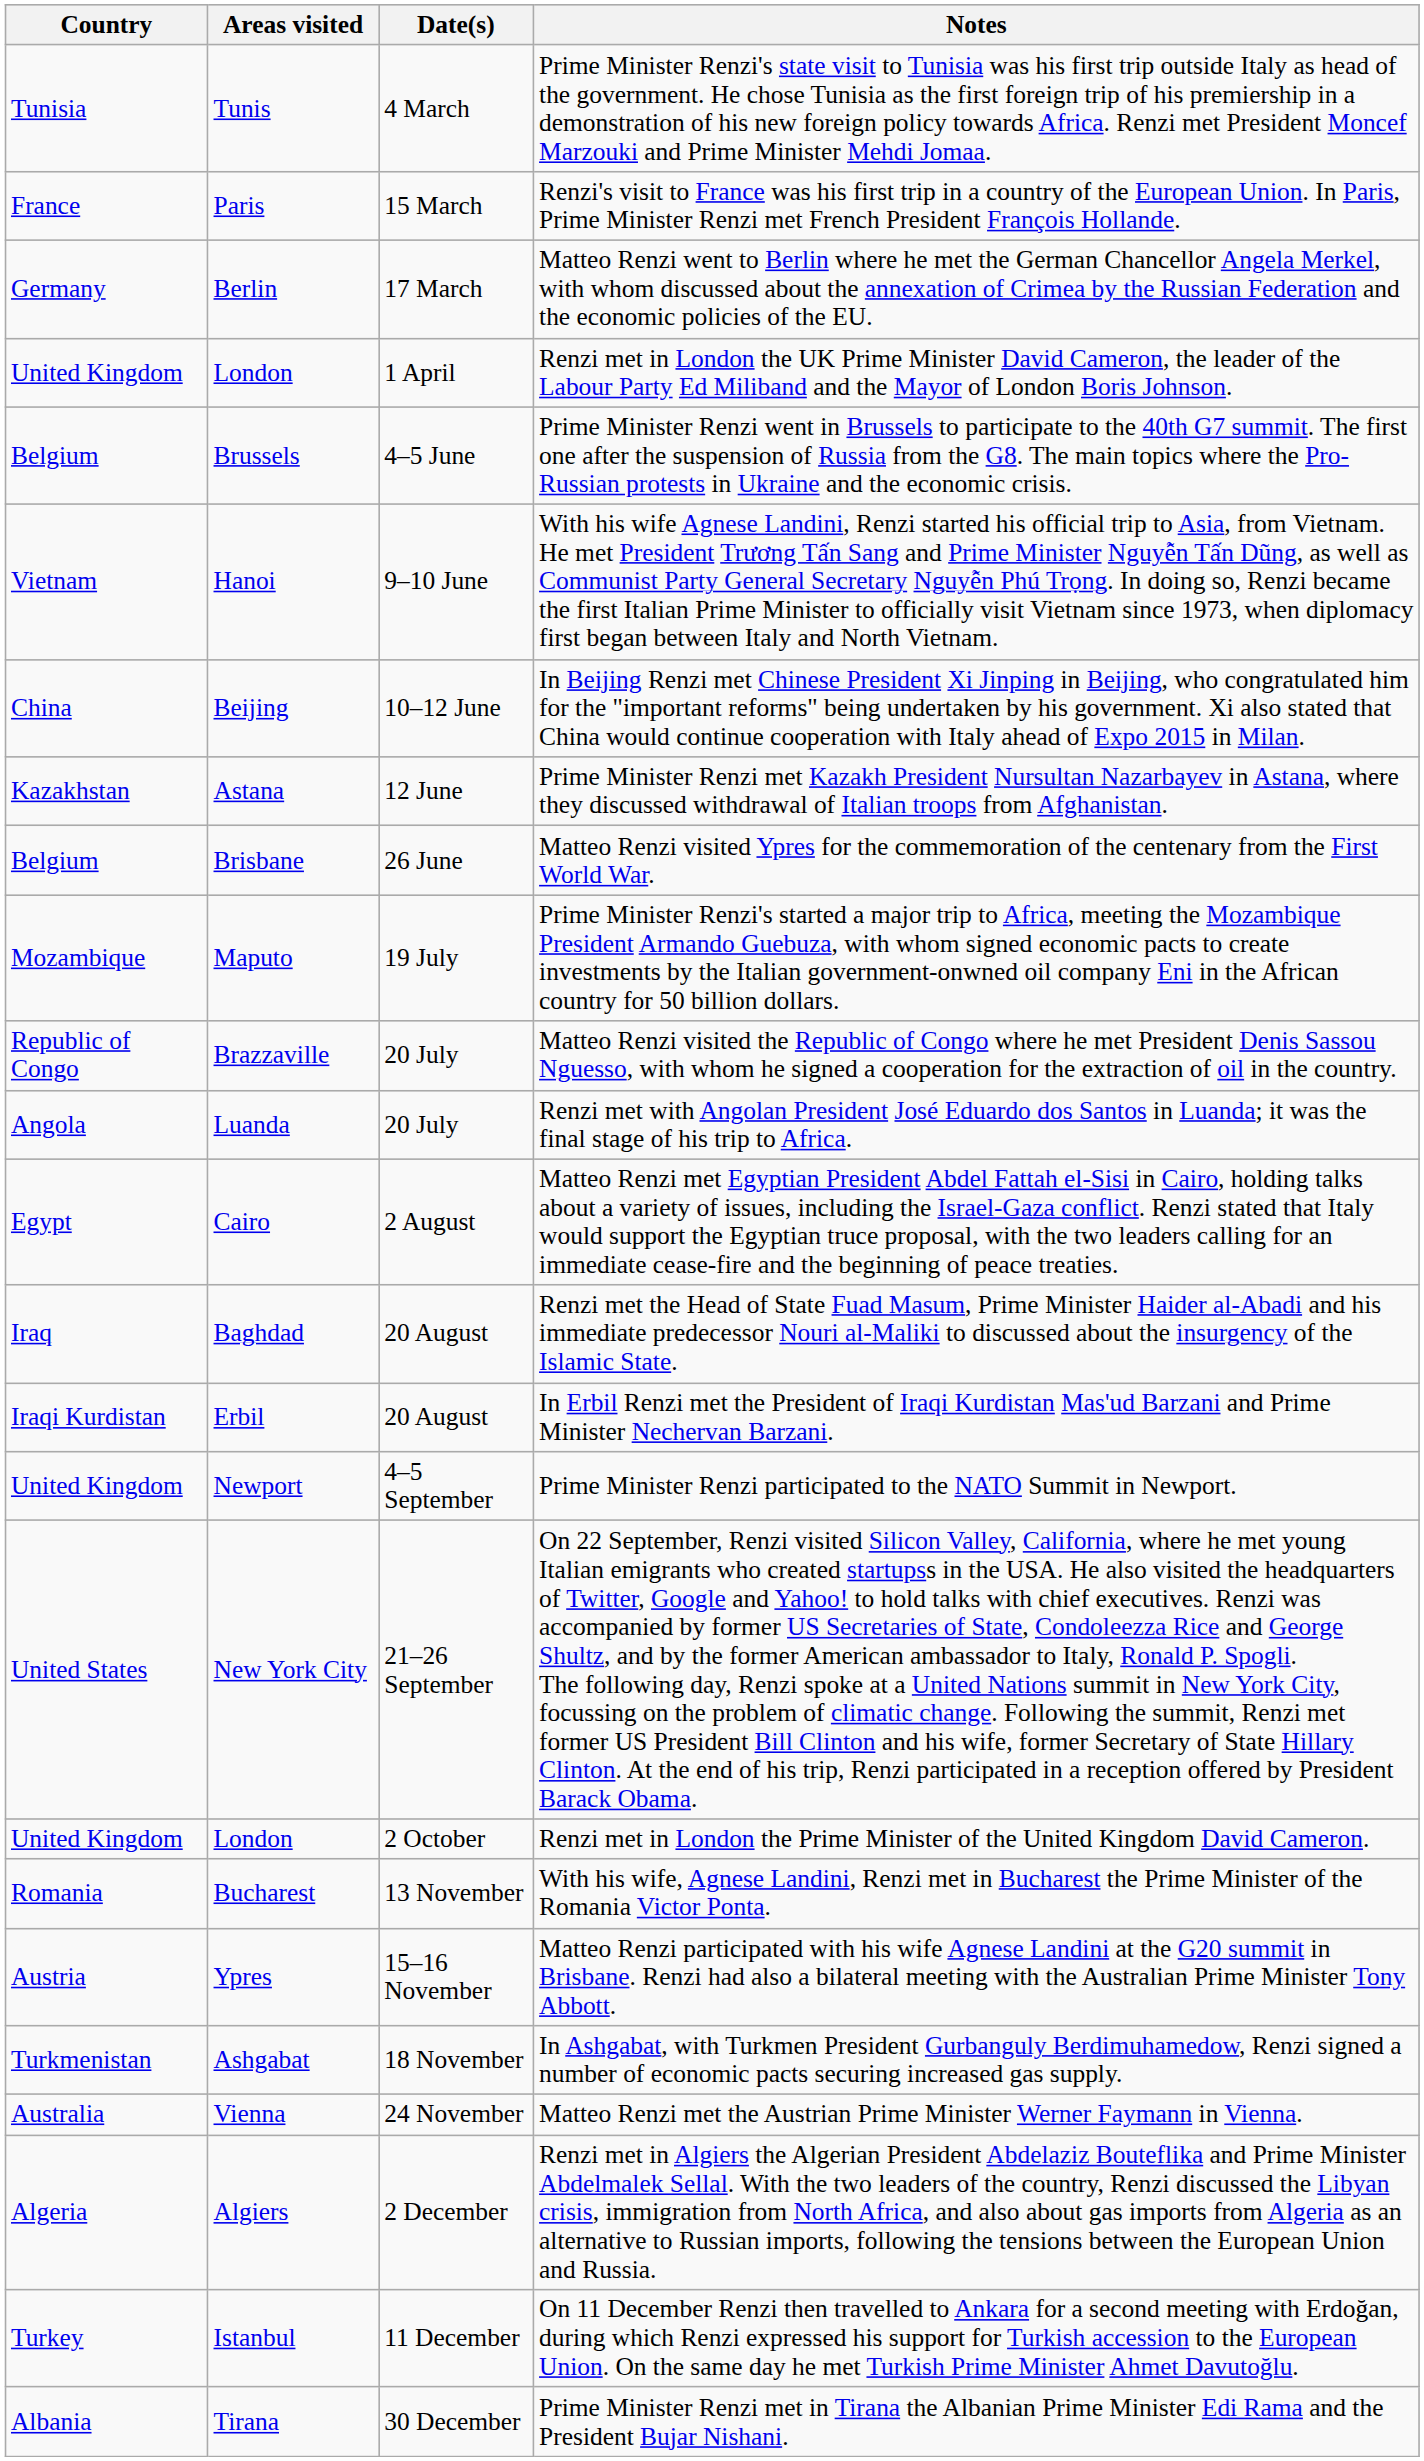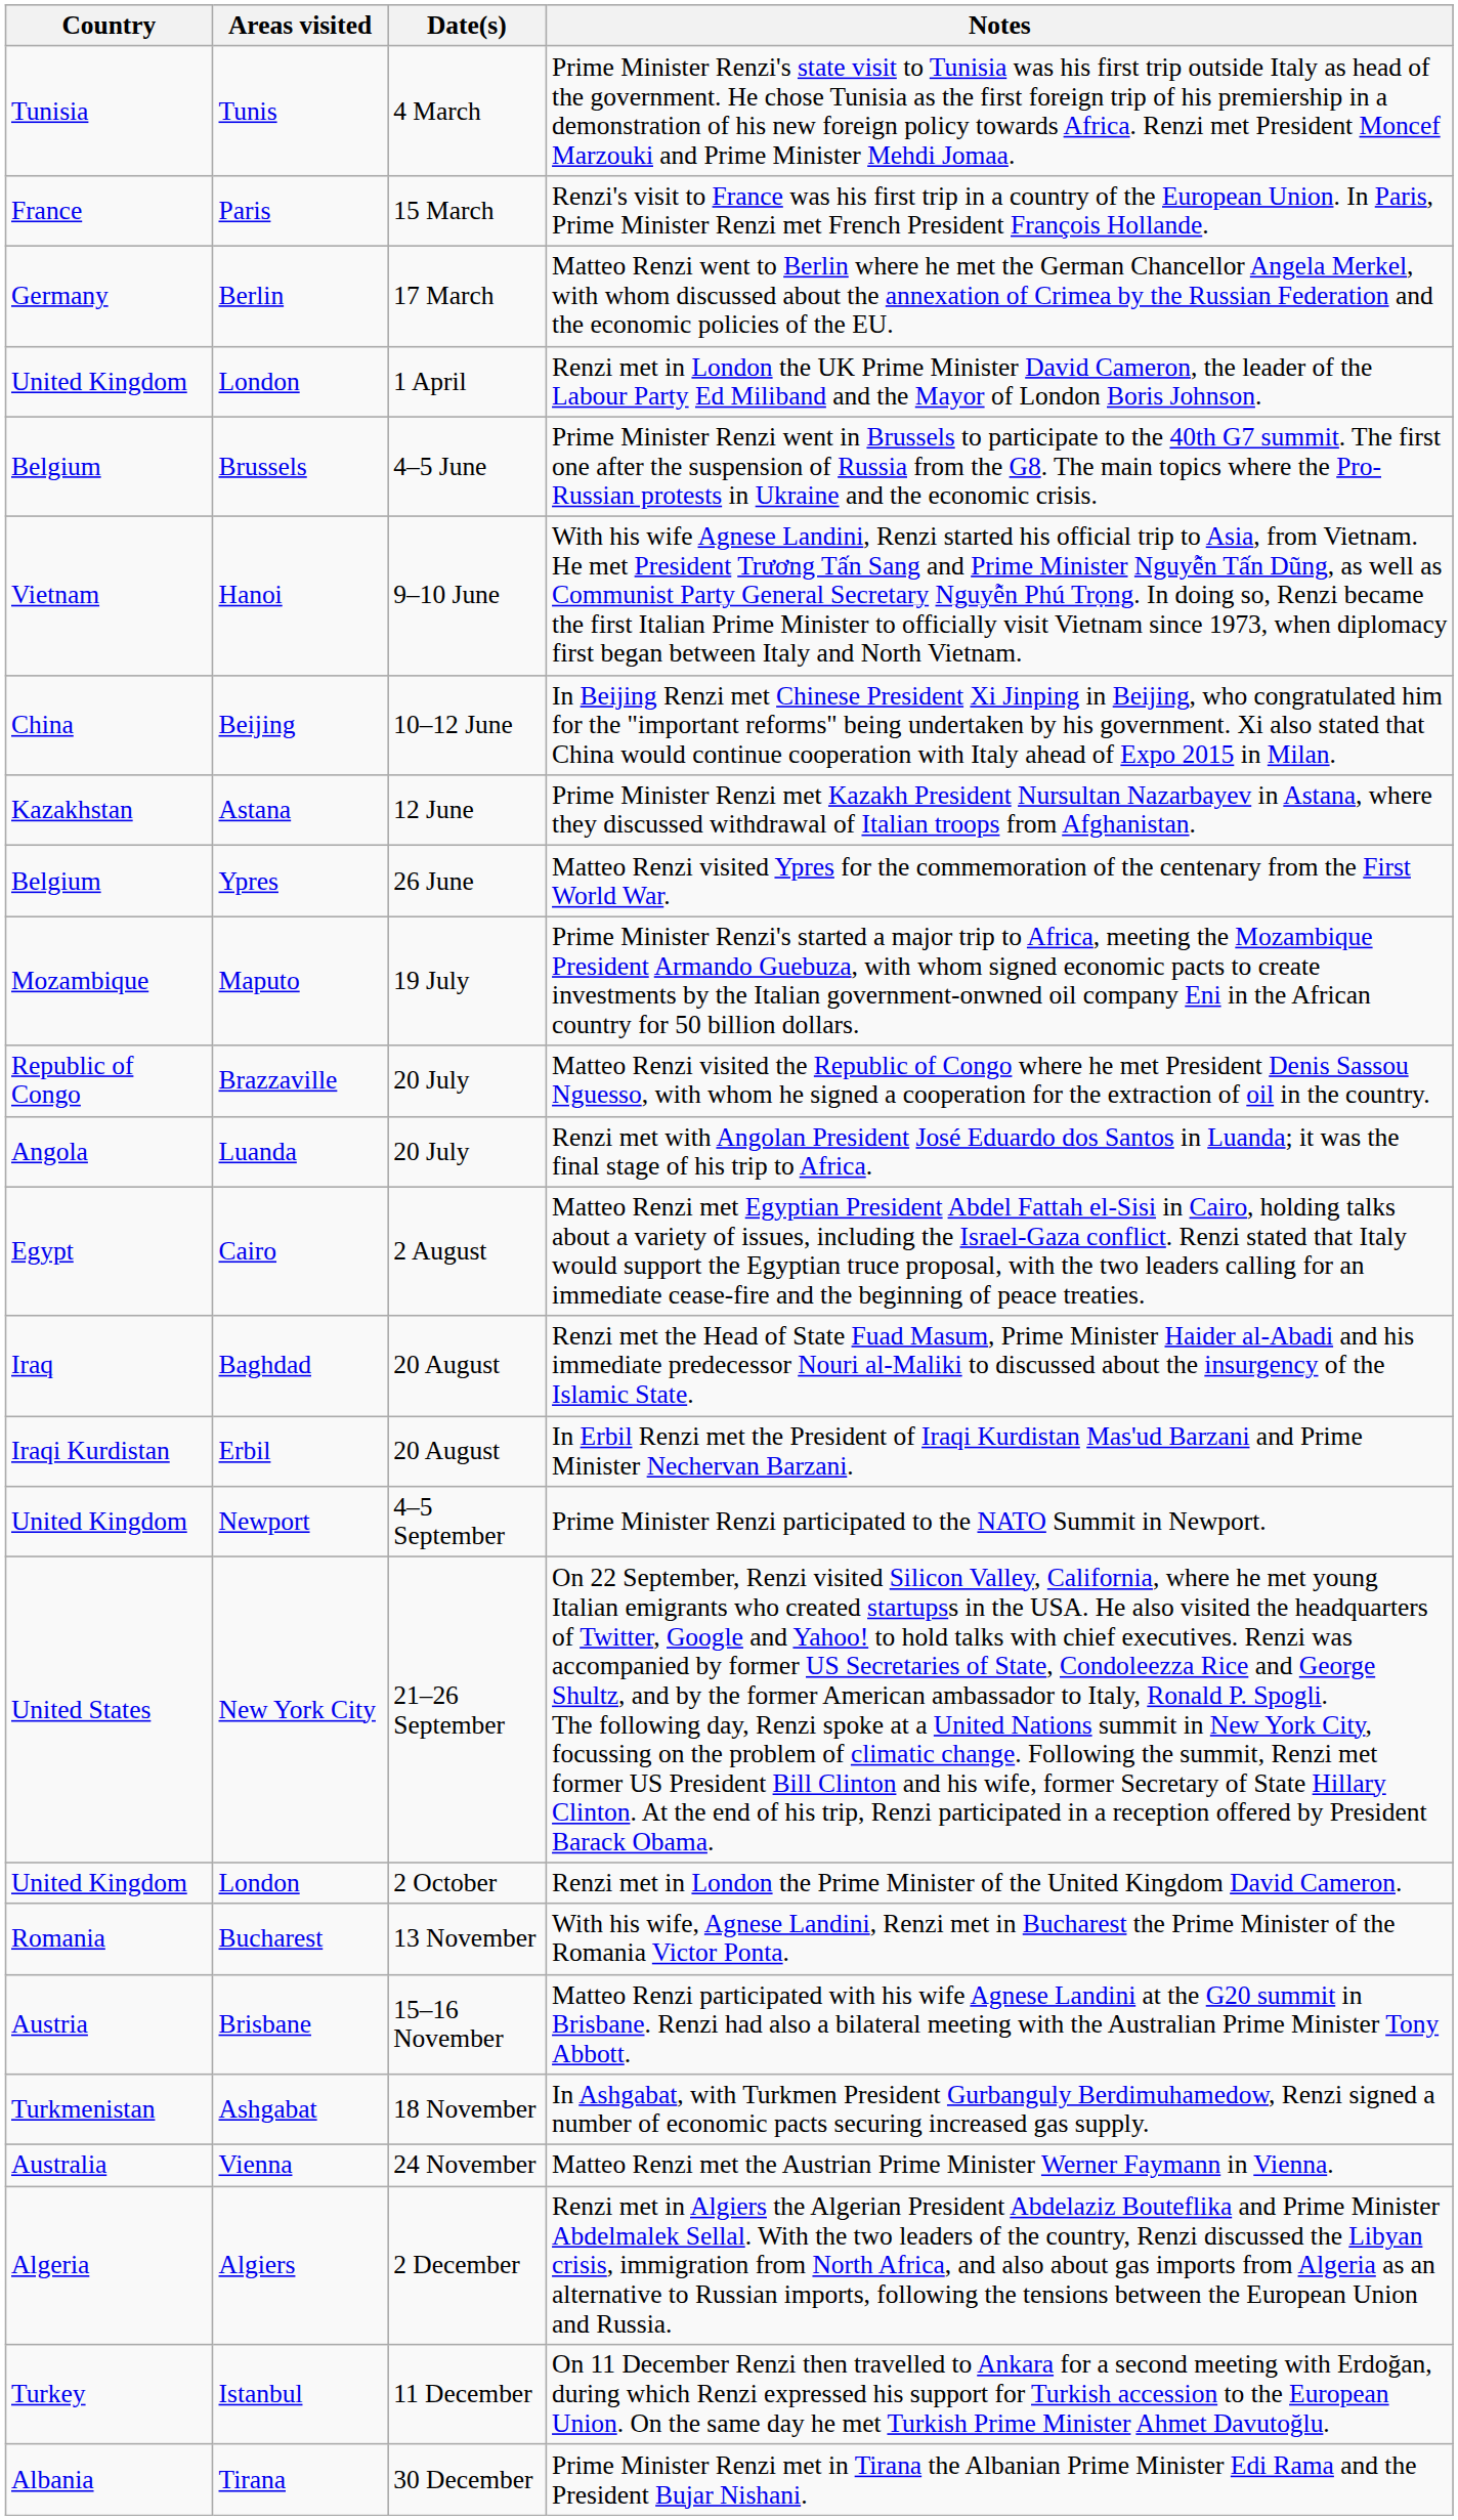 <table class="wikitable" style="margin: 1em auto 1em auto">
 <tr>
 <th width=120>Country</th>
 <th width=100>Areas visited</th>
 <th width=90>Date(s)</th>
 <th width=550>Notes</th>
 </tr>
 <tr>
 <td> <a href='#'>Tunisia</a></td>
 <td><a href='#'>Tunis</a></td>
 <td>4 March</td>
 <td> Prime Minister Renzi's <a href='#'>state visit</a> to <a href='#'>Tunisia</a> was his first trip outside Italy as head of the government. He chose Tunisia as the first foreign trip of his premiership in a demonstration of his new foreign policy towards <a href='#'>Africa</a>. Renzi met President <a href='#'>Moncef Marzouki</a> and Prime Minister <a href='#'>Mehdi Jomaa</a>.</td>
 </tr>
 <tr>
 <td> <a href='#'>France</a></td>
 <td><a href='#'>Paris</a></td>
 <td>15 March</td>
 <td> Renzi's visit to <a href='#'>France</a> was his first trip in a country of the <a href='#'>European Union</a>. In <a href='#'>Paris</a>, Prime Minister Renzi met French President <a href='#'>François Hollande</a>.</td>
 </tr>
 <tr>
 <td> <a href='#'>Germany</a></td>
 <td><a href='#'>Berlin</a></td>
 <td>17 March</td>
 <td> Matteo Renzi went to <a href='#'>Berlin</a> where he met the German Chancellor <a href='#'>Angela Merkel</a>, with whom discussed about the <a href='#'>annexation of Crimea by the Russian Federation</a> and the economic policies of the EU.</td>
 </tr>
 <tr>
 <td> <a href='#'>United Kingdom</a></td>
 <td><a href='#'>London</a></td>
 <td>1 April</td>
 <td> Renzi met in <a href='#'>London</a> the UK Prime Minister <a href='#'>David Cameron</a>, the leader of the <a href='#'>Labour Party</a> <a href='#'>Ed Miliband</a> and the <a href='#'>Mayor</a> of London <a href='#'>Boris Johnson</a>.</td>
 </tr>
 <tr>
 <td> <a href='#'>Belgium</a></td>
 <td><a href='#'>Brussels</a></td>
 <td>4–5 June</td>
 <td>Prime Minister Renzi went in <a href='#'>Brussels</a> to participate to the <a href='#'>40th G7 summit</a>. The first one after the suspension of <a href='#'>Russia</a> from the <a href='#'>G8</a>. The main topics where the <a href='#'>Pro-Russian protests</a> in <a href='#'>Ukraine</a> and the economic crisis.</td>
 </tr>
 <tr>
 <td> <a href='#'>Vietnam</a></td>
 <td><a href='#'>Hanoi</a></td>
 <td>9–10 June</td>
 <td> With his wife <a href='#'>Agnese Landini</a>, Renzi started his official trip to <a href='#'>Asia</a>, from Vietnam. He met <a href='#'>President</a> <a href='#'>Trương Tấn Sang</a> and <a href='#'>Prime Minister</a> <a href='#'>Nguyễn Tấn Dũng</a>, as well as <a href='#'>Communist Party General Secretary</a> <a href='#'>Nguyễn Phú Trọng</a>. In doing so, Renzi became the first Italian Prime Minister to officially visit Vietnam since 1973, when diplomacy first began between Italy and North Vietnam.</td>
 </tr>
 <tr>
 <td> <a href='#'>China</a></td>
 <td><a href='#'>Beijing</a></td>
 <td>10–12 June</td>
 <td> In <a href='#'>Beijing</a> Renzi met <a href='#'>Chinese President</a> <a href='#'>Xi Jinping</a> in <a href='#'>Beijing</a>, who congratulated him for the "important reforms" being undertaken by his government. Xi also stated that China would continue cooperation with Italy ahead of <a href='#'>Expo 2015</a> in <a href='#'>Milan</a>.</td>
 </tr>
 <tr>
 <td> <a href='#'>Kazakhstan</a></td>
 <td><a href='#'>Astana</a></td>
 <td>12 June</td>
 <td>Prime Minister Renzi met <a href='#'>Kazakh President</a> <a href='#'>Nursultan Nazarbayev</a> in <a href='#'>Astana</a>, where they discussed withdrawal of <a href='#'>Italian troops</a> from <a href='#'>Afghanistan</a>.</td>
 </tr>
 <tr>
 <td> <a href='#'>Belgium</a></td>
-<td><a href='#'>Brisbane</a></td>
+<td><a href='#'>Ypres</a></td>
 <td>26 June</td>
 <td>Matteo Renzi visited <a href='#'>Ypres</a> for the commemoration of the centenary from the <a href='#'>First World War</a>.</td>
 </tr>
 <tr>
 <td> <a href='#'>Mozambique</a></td>
 <td><a href='#'>Maputo</a></td>
 <td>19 July</td>
 <td>Prime Minister Renzi's started a major trip to <a href='#'>Africa</a>, meeting the <a href='#'>Mozambique President</a> <a href='#'>Armando Guebuza</a>, with whom signed economic pacts to create investments by the Italian government-onwned oil company <a href='#'>Eni</a> in the African country for 50 billion dollars.</td>
 </tr>
 <tr>
 <td> <a href='#'>Republic of Congo</a></td>
 <td><a href='#'>Brazzaville</a></td>
 <td>20 July</td>
 <td>Matteo Renzi visited the <a href='#'>Republic of Congo</a> where he met President <a href='#'>Denis Sassou Nguesso</a>, with whom he signed a cooperation for the extraction of <a href='#'>oil</a> in the country.</td>
 </tr>
 <tr>
 <td> <a href='#'>Angola</a></td>
 <td><a href='#'>Luanda</a></td>
 <td>20 July</td>
 <td>Renzi met with <a href='#'>Angolan President</a> <a href='#'>José Eduardo dos Santos</a> in <a href='#'>Luanda</a>; it was the final stage of his trip to <a href='#'>Africa</a>.</td>
 </tr>
 <tr>
 <td> <a href='#'>Egypt</a></td>
 <td><a href='#'>Cairo</a></td>
 <td>2 August</td>
 <td> Matteo Renzi met <a href='#'>Egyptian President</a> <a href='#'>Abdel Fattah el-Sisi</a> in <a href='#'>Cairo</a>, holding talks about a variety of issues, including the <a href='#'>Israel-Gaza conflict</a>. Renzi stated that Italy would support the Egyptian truce proposal, with the two leaders calling for an immediate cease-fire and the beginning of peace treaties.</td>
 </tr>
 <tr>
 <td> <a href='#'>Iraq</a></td>
 <td><a href='#'>Baghdad</a></td>
 <td>20 August</td>
 <td> Renzi met the Head of State <a href='#'>Fuad Masum</a>, Prime Minister <a href='#'>Haider al-Abadi</a> and his immediate predecessor <a href='#'>Nouri al-Maliki</a> to discussed about the <a href='#'>insurgency</a> of the <a href='#'>Islamic State</a>.</td>
 </tr>
 <tr>
 <td> <a href='#'>Iraqi Kurdistan</a></td>
 <td><a href='#'>Erbil</a></td>
 <td>20 August</td>
 <td>In <a href='#'>Erbil</a> Renzi met the President of <a href='#'>Iraqi Kurdistan</a> <a href='#'>Mas'ud Barzani</a> and Prime Minister <a href='#'>Nechervan Barzani</a>.</td>
 </tr>
 <tr>
 <td> <a href='#'>United Kingdom</a></td>
 <td><a href='#'>Newport</a></td>
 <td>4–5 September</td>
 <td> Prime Minister Renzi participated to the <a href='#'>NATO</a> Summit in Newport.</td>
 </tr>
 <tr>
 <td> <a href='#'>United States</a></td>
 <td><a href='#'>New York City</a></td>
 <td>21–26 September</td>
 <td> On 22 September, Renzi visited <a href='#'>Silicon Valley</a>, <a href='#'>California</a>, where he met young Italian emigrants who created <a href='#'>startups</a>s in the USA. He also visited the headquarters of <a href='#'>Twitter</a>, <a href='#'>Google</a> and <a href='#'>Yahoo!</a> to hold talks with chief executives. Renzi was accompanied by former <a href='#'>US Secretaries of State</a>, <a href='#'>Condoleezza Rice</a> and <a href='#'>George Shultz</a>, and by the former American ambassador to Italy, <a href='#'>Ronald P. Spogli</a>.<br>The following day, Renzi spoke at a <a href='#'>United Nations</a> summit in <a href='#'>New York City</a>, focussing on the problem of <a href='#'>climatic change</a>. Following the summit, Renzi met former US President <a href='#'>Bill Clinton</a> and his wife, former Secretary of State <a href='#'>Hillary Clinton</a>. At the end of his trip, Renzi participated in a reception offered by President <a href='#'>Barack Obama</a>.</td>
 </tr>
 <tr>
 <td> <a href='#'>United Kingdom</a></td>
 <td><a href='#'>London</a></td>
 <td>2 October</td>
 <td> Renzi met in <a href='#'>London</a> the Prime Minister of the United Kingdom <a href='#'>David Cameron</a>.</td>
 </tr>
 <tr>
 <td> <a href='#'>Romania</a></td>
 <td><a href='#'>Bucharest</a></td>
 <td>13 November</td>
 <td> With his wife, <a href='#'>Agnese Landini</a>, Renzi met in <a href='#'>Bucharest</a> the Prime Minister of the Romania <a href='#'>Victor Ponta</a>.</td>
 </tr>
 <tr>
 <td> <a href='#'>Austria</a></td>
-<td><a href='#'>Ypres</a></td>
+<td><a href='#'>Brisbane</a></td>
 <td>15–16 November</td>
 <td> Matteo Renzi participated with his wife <a href='#'>Agnese Landini</a> at the <a href='#'>G20 summit</a> in <a href='#'>Brisbane</a>. Renzi had also a bilateral meeting with the Australian Prime Minister <a href='#'>Tony Abbott</a>.</td>
 </tr>
 <tr>
 <td> <a href='#'>Turkmenistan</a></td>
 <td><a href='#'>Ashgabat</a></td>
 <td>18 November</td>
 <td>In <a href='#'>Ashgabat</a>, with Turkmen President <a href='#'>Gurbanguly Berdimuhamedow</a>, Renzi signed a number of economic pacts securing increased gas supply.</td>
 </tr>
 <tr>
 <td> <a href='#'>Australia</a></td>
 <td><a href='#'>Vienna</a></td>
 <td>24 November</td>
 <td> Matteo Renzi met the Austrian Prime Minister <a href='#'>Werner Faymann</a> in <a href='#'>Vienna</a>.</td>
 </tr>
 <tr>
 <td> <a href='#'>Algeria</a></td>
 <td><a href='#'>Algiers</a></td>
 <td>2 December</td>
 <td>Renzi met in <a href='#'>Algiers</a> the Algerian President <a href='#'>Abdelaziz Bouteflika</a> and Prime Minister <a href='#'>Abdelmalek Sellal</a>. With the two leaders of the country, Renzi discussed the <a href='#'>Libyan crisis</a>, immigration from <a href='#'>North Africa</a>, and also about gas imports from <a href='#'>Algeria</a> as an alternative to Russian imports, following the tensions between the European Union and Russia.</td>
 </tr>
 <tr>
 <td> <a href='#'>Turkey</a></td>
 <td><a href='#'>Istanbul</a></td>
 <td>11 December</td>
 <td> On 11 December Renzi then travelled to <a href='#'>Ankara</a> for a second meeting with Erdoğan, during which Renzi expressed his support for <a href='#'>Turkish accession</a> to the <a href='#'>European Union</a>. On the same day he met <a href='#'>Turkish Prime Minister</a> <a href='#'>Ahmet Davutoğlu</a>.</td>
 </tr>
 <tr>
 <td> <a href='#'>Albania</a></td>
 <td><a href='#'>Tirana</a></td>
 <td>30 December</td>
 <td>Prime Minister Renzi met in <a href='#'>Tirana</a> the Albanian Prime Minister <a href='#'>Edi Rama</a> and the President <a href='#'>Bujar Nishani</a>.</td>
 </tr>
 </table>
